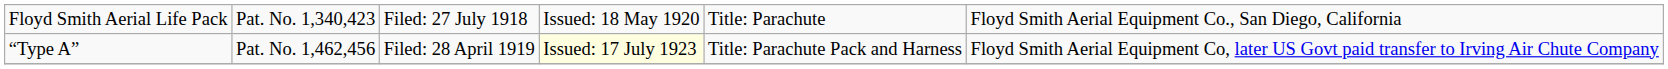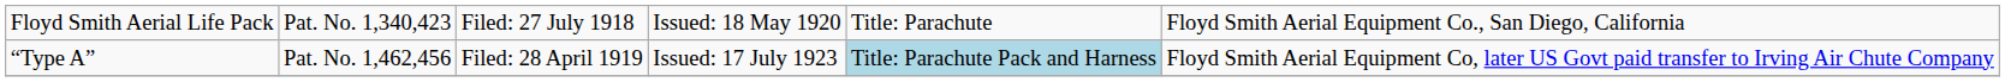 <table class="wikitable">
 <tr>
 <td>Floyd Smith Aerial Life Pack</td>
 <td>Pat. No. 1,340,423</td>
 <td>Filed: 27 July 1918</td>
 <td>Issued: 18 May 1920</td>
 <td>Title: Parachute</td>
 <td>Floyd Smith Aerial Equipment Co., San Diego, California</td>
 </tr>
 <tr>
 <td>“Type A”</td>
 <td>Pat. No. 1,462,456</td>
 <td>Filed: 28 April 1919</td>
-<td style="background: lightyellow;">Issued: 17 July 1923</td>
-<td>Title: Parachute Pack and Harness</td>
+<td>Issued: 17 July 1923</td>
+<td style="background: lightblue;">Title: Parachute Pack and Harness</td>
 <td>Floyd Smith Aerial Equipment Co, <a href='#'>later US Govt paid transfer to Irving Air Chute Company</a></td>
 </tr>
 <tr>
 </tr>
 </table>
